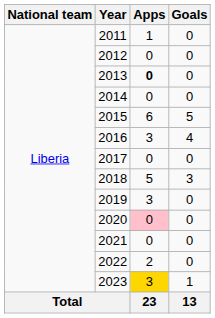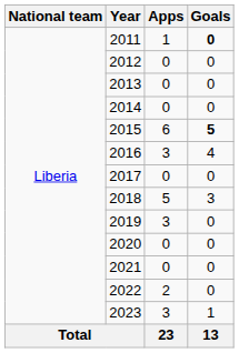 <table class="wikitable" style="text-align:center">
 <tr>
 <th>National team</th>
 <th>Year</th>
 <th>Apps</th>
 <th>Goals</th>
 </tr>
 <tr>
 <td rowspan="13"><a href='#'>Liberia</a></td>
 <td>2011</td>
 <td>1</td>
-<td>0</td>
+<td><strong>0</strong></td>
 </tr>
 <tr>
 <td>2012</td>
 <td>0</td>
 <td>0</td>
 </tr>
 <tr>
 <td>2013</td>
-<td><strong>0</strong></td>
+<td>0</td>
 <td>0</td>
 </tr>
 <tr>
 <td>2014</td>
 <td>0</td>
 <td>0</td>
 </tr>
 <tr>
 <td>2015</td>
 <td>6</td>
-<td>5</td>
+<td><strong>5</strong></td>
 </tr>
 <tr>
 <td>2016</td>
 <td>3</td>
 <td>4</td>
 </tr>
 <tr>
 <td>2017</td>
 <td>0</td>
 <td>0</td>
 </tr>
 <tr>
 <td>2018</td>
 <td>5</td>
 <td>3</td>
 </tr>
 <tr>
 <td>2019</td>
 <td>3</td>
 <td>0</td>
 </tr>
 <tr>
 <td>2020</td>
-<td style="background: pink;">0</td>
+<td>0</td>
 <td>0</td>
 </tr>
 <tr>
 <td>2021</td>
 <td>0</td>
 <td>0</td>
 </tr>
 <tr>
 <td>2022</td>
 <td>2</td>
 <td>0</td>
 </tr>
 <tr>
 <td>2023</td>
-<td style="background: gold;">3</td>
+<td>3</td>
 <td>1</td>
 </tr>
 <tr>
 <th colspan="2">Total</th>
 <th>23</th>
 <th>13</th>
 </tr>
 </table>
